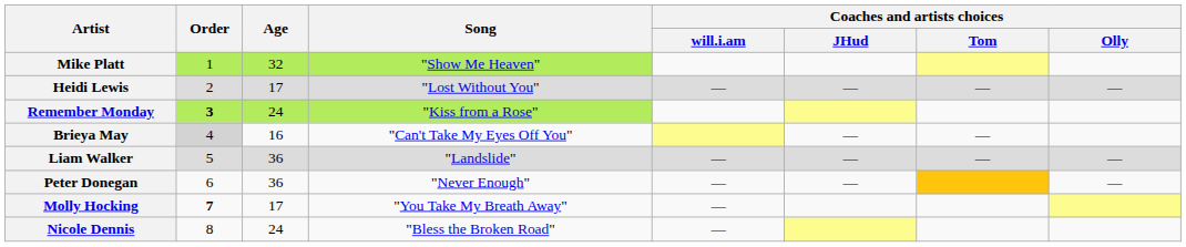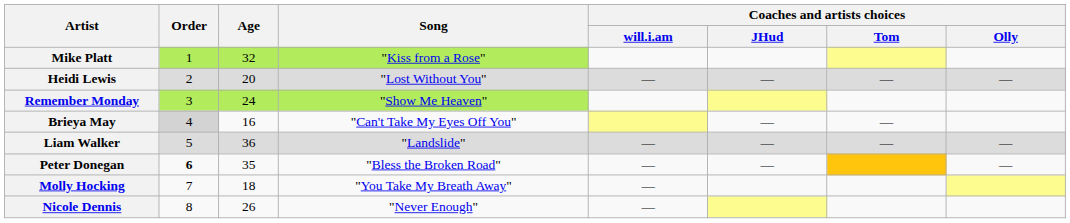 <table class="wikitable" style="text-align:center; width:100%;">
 <tr>
 <th rowspan="2" scope="col" style="width:13%;">Artist</th>
 <th rowspan="2" scope="col" style="width:05%;">Order</th>
 <th rowspan="2" scope="col" style="width:05%;">Age</th>
 <th rowspan="2" scope="col" style="width:26%;">Song</th>
 <th colspan="4" style="width:40%;">Coaches and artists choices</th>
 </tr>
 <tr>
 <th style="width:10%;"><a href='#'>will.i.am</a></th>
 <th style="width:10%;"><a href='#'>JHud</a></th>
 <th style="width:10%;"><a href='#'>Tom</a></th>
 <th style="width:10%;"><a href='#'>Olly</a></th>
 </tr>
 <tr>
 <th scope="row">Mike Platt</th>
 <td style="background-color:#B2EC5D;">1</td>
 <td style="background-color:#B2EC5D;">32</td>
-<td style="background-color:#B2EC5D;">"<a href='#'>Show Me Heaven</a>"</td>
+<td style="background-color:#B2EC5D;">"<a href='#'>Kiss from a Rose</a>"</td>
 <td><strong></strong></td>
 <td><strong></strong></td>
 <td style="background:#fdfc8f;"><strong></strong></td>
 <td><strong></strong></td>
 </tr>
 <tr style="background:#DCDCDC;">
 <th>Heidi Lewis</th>
 <td>2</td>
-<td>17</td>
+<td>20</td>
 <td>"<a href='#'>Lost Without You</a>"</td>
 <td>—</td>
 <td>—</td>
 <td>—</td>
 <td>—</td>
 </tr>
 <tr>
 <th><a href='#'>Remember Monday</a></th>
-<td style="background-color:#B2EC5D;"><strong>3</strong></td>
+<td style="background-color:#B2EC5D;">3</td>
 <td style="background-color:#B2EC5D;">24</td>
-<td style="background-color:#B2EC5D;">"<a href='#'>Kiss from a Rose</a>"</td>
+<td style="background-color:#B2EC5D;">"<a href='#'>Show Me Heaven</a>"</td>
 <td><strong></strong></td>
 <td style="background:#fdfc8f;"><strong></strong></td>
 <td><strong></strong></td>
 <td><strong></strong></td>
 </tr>
 <tr>
 <th>Brieya May</th>
 <td style="background: lightgrey;">4</td>
 <td>16</td>
 <td>"<a href='#'>Can't Take My Eyes Off You</a>"</td>
 <td style="background:#fdfc8f;"><strong></strong></td>
 <td>—</td>
 <td>—</td>
 <td><strong></strong></td>
 </tr>
 <tr style="background:#DCDCDC;">
 <th>Liam Walker</th>
 <td>5</td>
 <td>36</td>
 <td>"<a href='#'>Landslide</a>"</td>
 <td>—</td>
 <td>—</td>
 <td>—</td>
 <td>—</td>
 </tr>
 <tr>
 <th>Peter Donegan</th>
-<td>6</td>
-<td>36</td>
-<td>"<a href='#'>Never Enough</a>"</td>
+<td><strong>6</strong></td>
+<td>35</td>
+<td>"<a href='#'>Bless the Broken Road</a>"</td>
 <td>—</td>
 <td>—</td>
 <td style="background:#FFC40C;text-align:center;"><strong></strong></td>
 <td>—</td>
 </tr>
 <tr>
 <th><a href='#'>Molly Hocking</a></th>
-<td><strong>7</strong></td>
-<td>17</td>
+<td>7</td>
+<td>18</td>
 <td>"<a href='#'>You Take My Breath Away</a>"</td>
 <td>—</td>
 <td><strong></strong></td>
 <td><strong></strong></td>
 <td style="background:#fdfc8f;"><strong></strong></td>
 </tr>
 <tr>
 <th><a href='#'>Nicole Dennis</a></th>
 <td>8</td>
-<td>24</td>
-<td>"<a href='#'>Bless the Broken Road</a>"</td>
+<td>26</td>
+<td>"<a href='#'>Never Enough</a>"</td>
 <td>—</td>
 <td style="background:#fdfc8f;"><strong></strong></td>
 <td><strong></strong></td>
 <td><strong></strong></td>
 </tr>
 </table>
